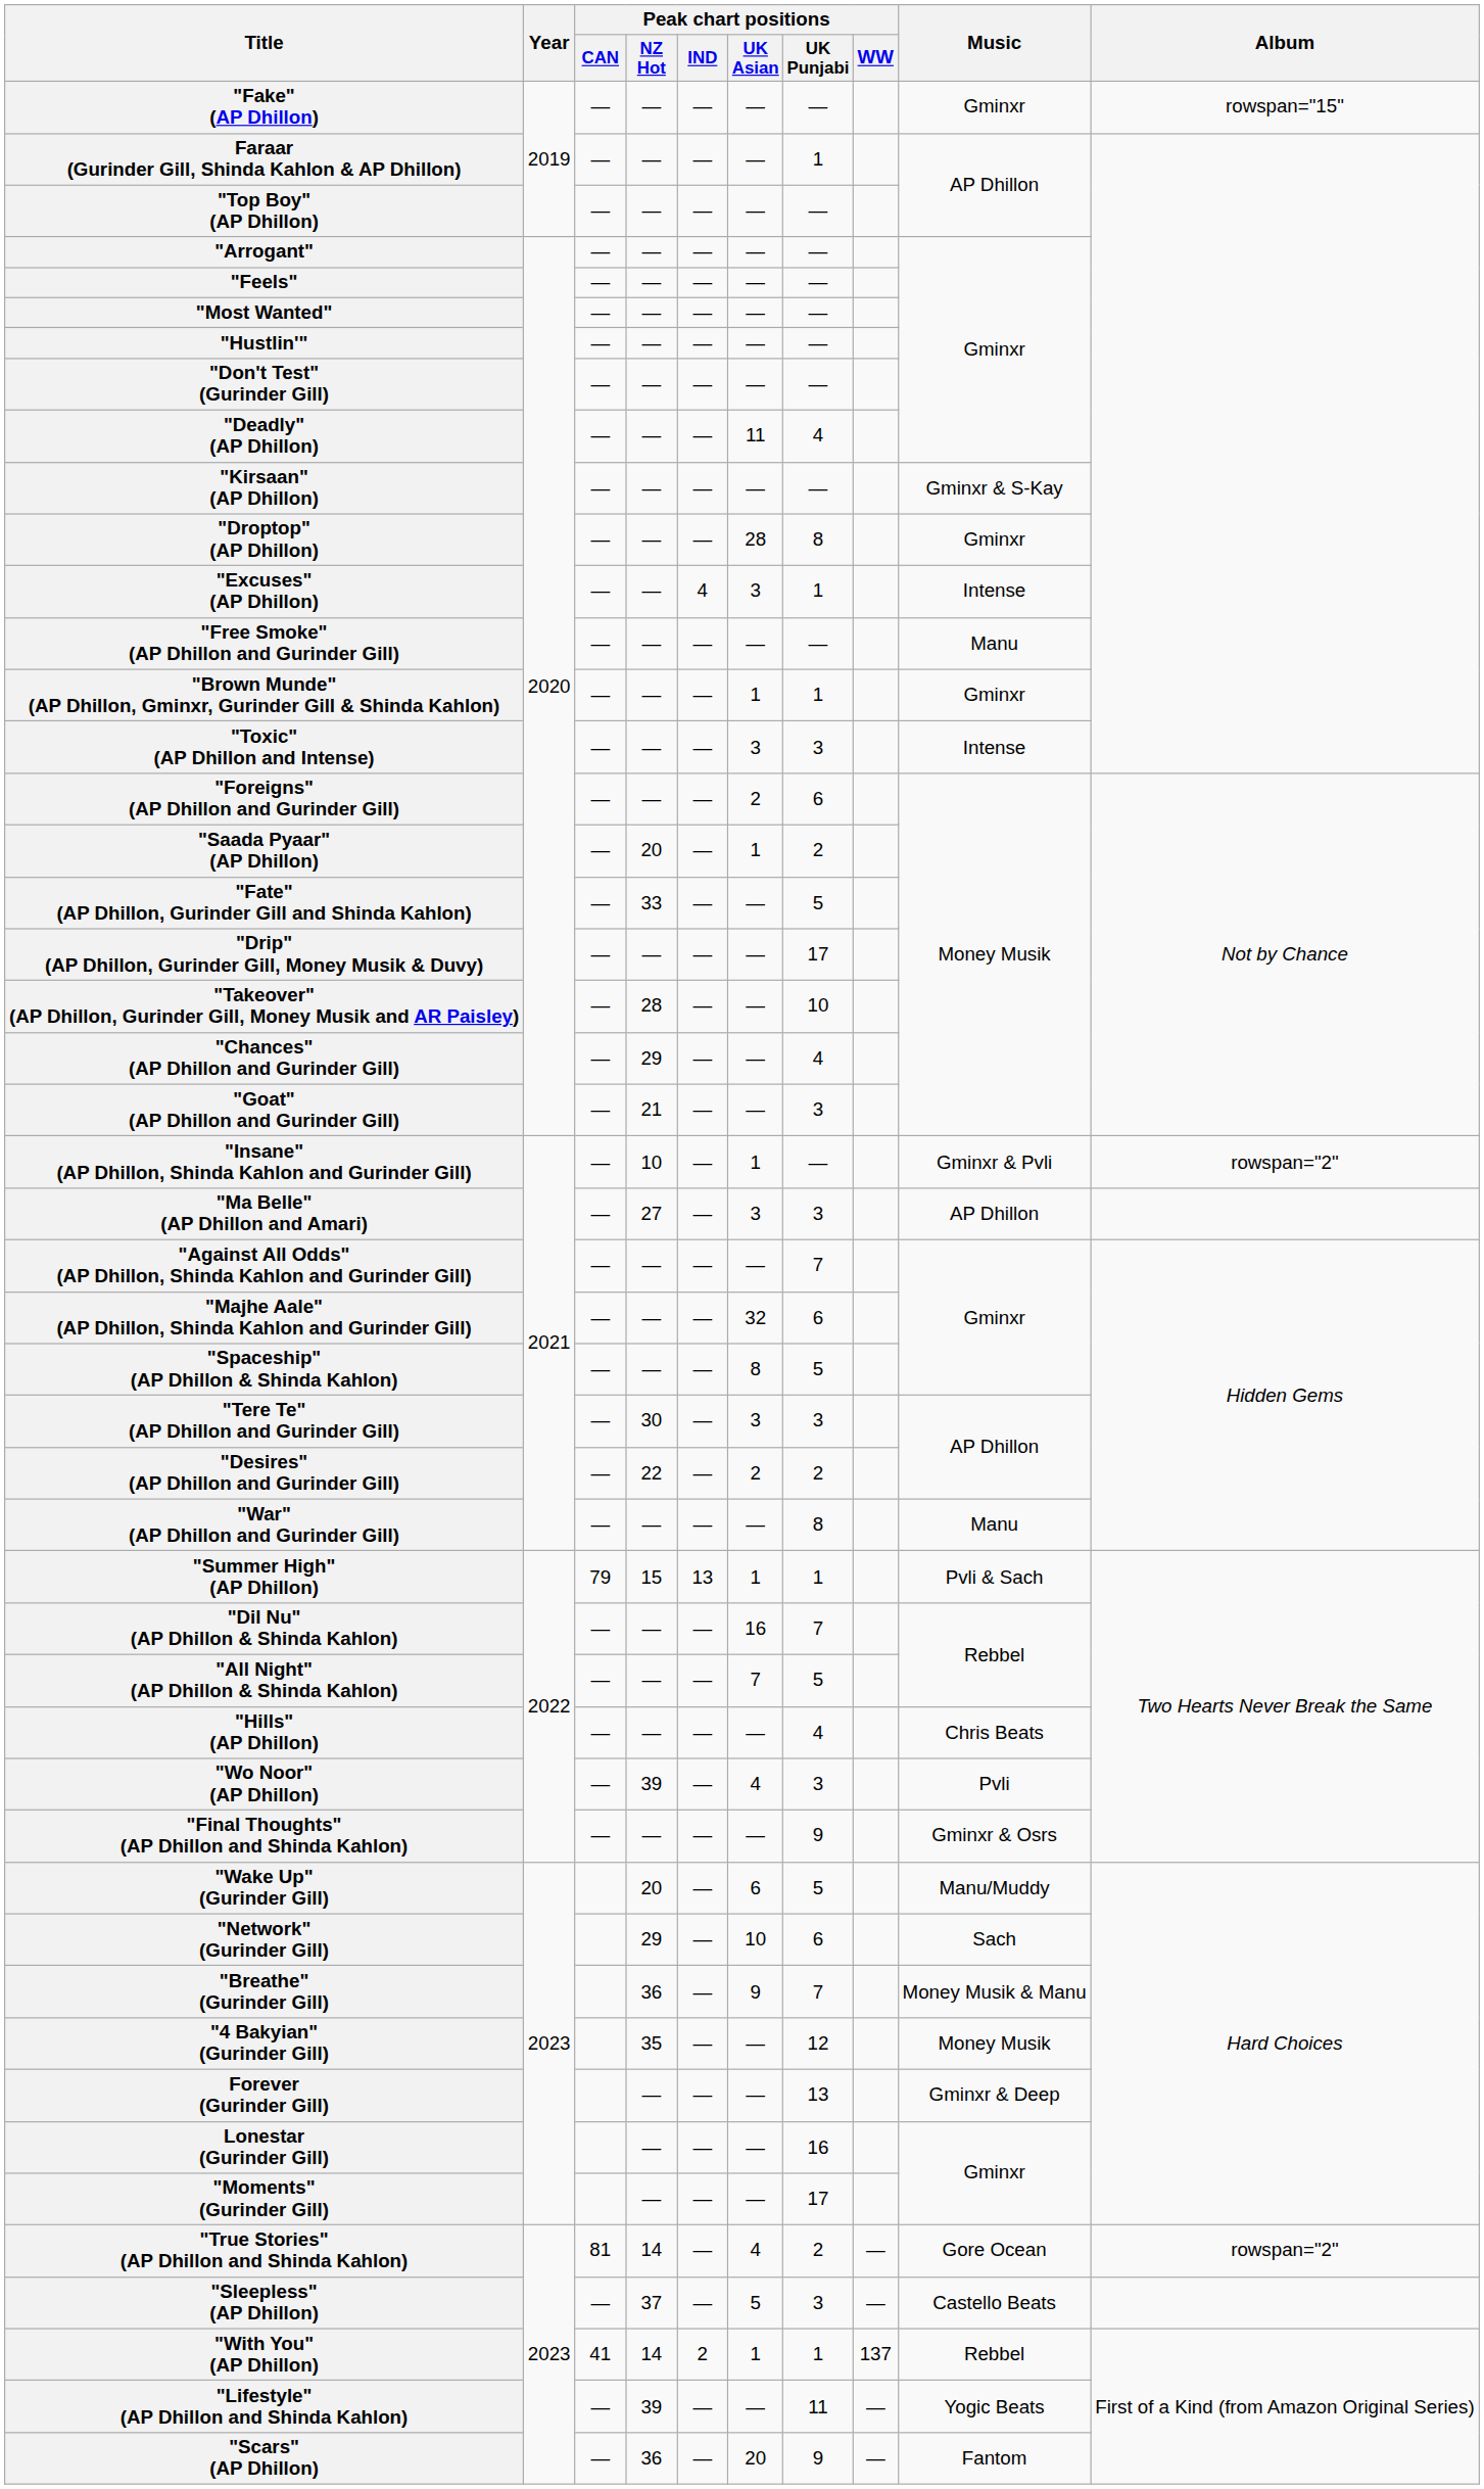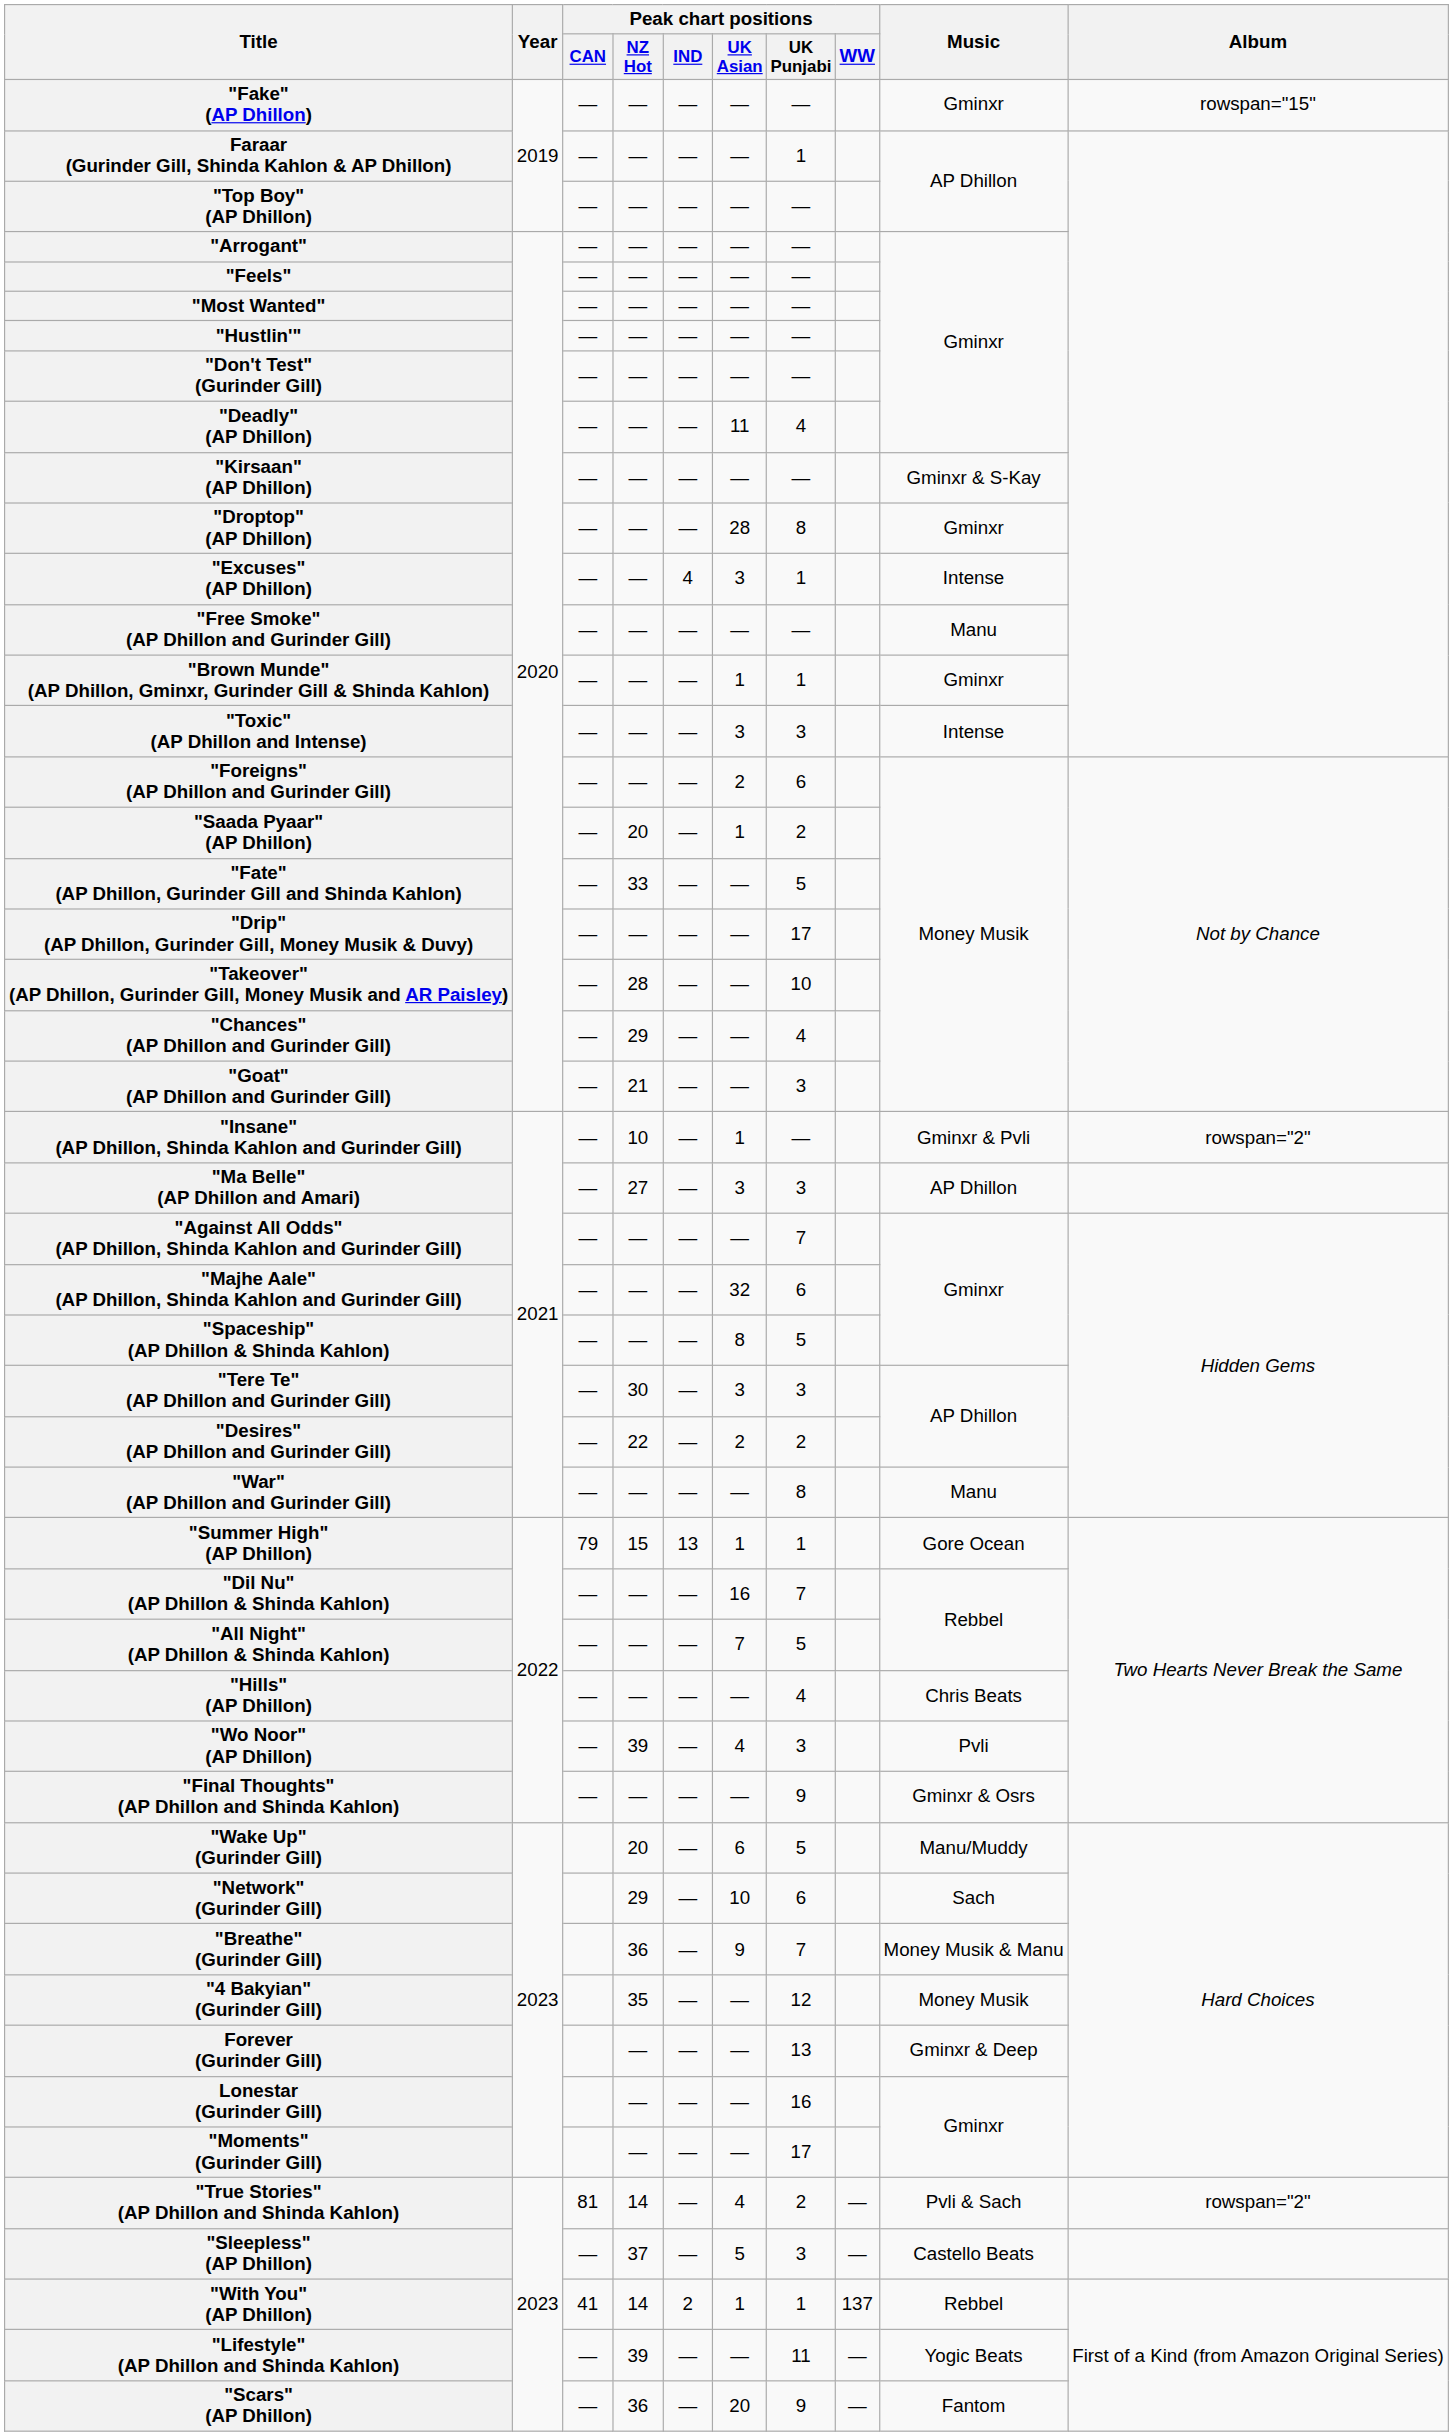 <table class="wikitable plainrowheaders" style="text-align:center;">
 <tr>
 <th scope="col" rowspan="2">Title</th>
 <th scope="col" rowspan="2">Year</th>
 <th colspan="6">Peak chart positions</th>
 <th scope="col" rowspan="2">Music</th>
 <th scope="col" rowspan="2">Album</th>
 </tr>
 <tr>
 <th scope="col" style="width:2.5em;font-size:90%;"><a href='#'>CAN</a><br></th>
 <th scope="col" style="width:2.5em;font-size:90%;"><a href='#'>NZ<br>Hot</a><br></th>
 <th scope="col" style="width:2.5em;font-size:90%;"><a href='#'>IND</a></th>
 <th scope="col" style="width:2.5em;font-size:90%;"><a href='#'>UK<br>Asian</a><br></th>
 <th scope="col" style="width:2.5em;font-size:90%;">UK Punjabi</th>
 <th><a href='#'>WW</a></th>
 </tr>
 <tr>
 <th scope="row">"Fake"<br><span>(<a href='#'>AP Dhillon</a>)</span></th>
 <td rowspan="3">2019</td>
 <td>—</td>
 <td>—</td>
 <td>—</td>
 <td>—</td>
 <td>—</td>
 <td></td>
 <td>Gminxr</td>
 <td>rowspan="15" </td>
 </tr>
 <tr>
 <th scope="row">Faraar<br><span>(Gurinder Gill, Shinda Kahlon & AP Dhillon)</span></th>
 <td>—</td>
 <td>—</td>
 <td>—</td>
 <td>—</td>
 <td>1</td>
 <td></td>
 <td rowspan="2">AP Dhillon</td>
 </tr>
 <tr>
 <th scope="row">"Top Boy"<br><span>(AP Dhillon)</span></th>
 <td>—</td>
 <td>—</td>
 <td>—</td>
 <td>—</td>
 <td>—</td>
 <td></td>
 </tr>
 <tr>
 <th scope="row">"Arrogant"<br></th>
 <td rowspan="19">2020</td>
 <td>—</td>
 <td>—</td>
 <td>—</td>
 <td>—</td>
 <td>—</td>
 <td></td>
 <td rowspan="6">Gminxr</td>
 </tr>
 <tr>
 <th scope="row">"Feels"<br></th>
 <td>—</td>
 <td>—</td>
 <td>—</td>
 <td>—</td>
 <td>—</td>
 <td></td>
 </tr>
 <tr>
 <th scope="row">"Most Wanted"<br></th>
 <td>—</td>
 <td>—</td>
 <td>—</td>
 <td>—</td>
 <td>—</td>
 <td></td>
 </tr>
 <tr>
 <th scope="row">"Hustlin'" <br></th>
 <td>—</td>
 <td>—</td>
 <td>—</td>
 <td>—</td>
 <td>—</td>
 <td></td>
 </tr>
 <tr>
 <th scope="row">"Don't Test"<br><span>(Gurinder Gill)</span></th>
 <td>—</td>
 <td>—</td>
 <td>—</td>
 <td>—</td>
 <td>—</td>
 <td></td>
 </tr>
 <tr>
 <th scope="row">"Deadly"<br><span>(AP Dhillon)</span></th>
 <td>—</td>
 <td>—</td>
 <td>—</td>
 <td>11</td>
 <td>4</td>
 <td></td>
 </tr>
 <tr>
 <th scope="row">"Kirsaan"<br><span>(AP Dhillon)</span></th>
 <td>—</td>
 <td>—</td>
 <td>—</td>
 <td>—</td>
 <td>—</td>
 <td></td>
 <td>Gminxr & S-Kay</td>
 </tr>
 <tr>
 <th scope="row">"Droptop"<br><span>(AP Dhillon)</span></th>
 <td>—</td>
 <td>—</td>
 <td>—</td>
 <td>28</td>
 <td>8</td>
 <td></td>
 <td>Gminxr</td>
 </tr>
 <tr>
 <th scope="row">"Excuses"<br><span>(AP Dhillon)</span> </th>
 <td>—</td>
 <td>—</td>
 <td>4</td>
 <td>3</td>
 <td>1</td>
 <td></td>
 <td>Intense</td>
 </tr>
 <tr>
 <th scope="row">"Free Smoke"<br><span>(AP Dhillon and Gurinder Gill)</span></th>
 <td>—</td>
 <td>—</td>
 <td>—</td>
 <td>—</td>
 <td>—</td>
 <td></td>
 <td>Manu</td>
 </tr>
 <tr>
 <th scope="row">"Brown Munde"<br><span>(AP Dhillon, Gminxr, Gurinder Gill & Shinda Kahlon)</span></th>
 <td>—</td>
 <td>—</td>
 <td>—</td>
 <td>1</td>
 <td>1</td>
 <td></td>
 <td>Gminxr</td>
 </tr>
 <tr>
 <th scope="row">"Toxic"<br><span>(AP Dhillon and Intense)</span></th>
 <td>—</td>
 <td>—</td>
 <td>—</td>
 <td>3</td>
 <td>3</td>
 <td></td>
 <td>Intense</td>
 </tr>
 <tr>
 <th scope="row">"Foreigns"<br><span>(AP Dhillon and Gurinder Gill)</span></th>
 <td>—</td>
 <td>—</td>
 <td>—</td>
 <td>2</td>
 <td>6</td>
 <td></td>
 <td rowspan="7">Money Musik</td>
 <td rowspan="7"><em>Not by Chance</em></td>
 </tr>
 <tr>
 <th scope="row">"Saada Pyaar"<br><span>(AP Dhillon)</span></th>
 <td>—</td>
 <td>20</td>
 <td>—</td>
 <td>1</td>
 <td>2</td>
 <td></td>
 </tr>
 <tr>
 <th scope="row">"Fate"<br><span>(AP Dhillon, Gurinder Gill and Shinda Kahlon)</span></th>
 <td>—</td>
 <td>33</td>
 <td>—</td>
 <td>—</td>
 <td>5</td>
 <td></td>
 </tr>
 <tr>
 <th scope="row">"Drip"<br><span>(AP Dhillon, Gurinder Gill, Money Musik & Duvy)</span></th>
 <td>—</td>
 <td>—</td>
 <td>—</td>
 <td>—</td>
 <td>17</td>
 <td></td>
 </tr>
 <tr>
 <th scope="row">"Takeover"<br><span>(AP Dhillon, Gurinder Gill, Money Musik and <a href='#'>AR Paisley</a>)</span></th>
 <td>—</td>
 <td>28</td>
 <td>—</td>
 <td>—</td>
 <td>10</td>
 <td></td>
 </tr>
 <tr>
 <th scope="row">"Chances"<br><span>(AP Dhillon and Gurinder Gill)</span></th>
 <td>—</td>
 <td>29</td>
 <td>—</td>
 <td>—</td>
 <td>4</td>
 <td></td>
 </tr>
 <tr>
 <th scope="row">"Goat"<br><span>(AP Dhillon and Gurinder Gill)</span></th>
 <td>—</td>
 <td>21</td>
 <td>—</td>
 <td>—</td>
 <td>3</td>
 <td></td>
 </tr>
 <tr>
 <th scope="row">"Insane"<br><span>(AP Dhillon, Shinda Kahlon and Gurinder Gill)</span></th>
 <td rowspan="8">2021</td>
 <td>—</td>
 <td>10</td>
 <td>—</td>
 <td>1</td>
 <td>—</td>
 <td></td>
 <td>Gminxr & Pvli</td>
 <td>rowspan="2"</td>
 </tr>
 <tr>
 <th scope="row">"Ma Belle"<br><span>(AP Dhillon and Amari)</span></th>
 <td>—</td>
 <td>27</td>
 <td>—</td>
 <td>3</td>
 <td>3</td>
 <td></td>
 <td>AP Dhillon</td>
 </tr>
 <tr>
 <th scope="row">"Against All Odds"<br><span>(AP Dhillon, Shinda Kahlon and Gurinder Gill)</span></th>
 <td>—</td>
 <td>—</td>
 <td>—</td>
 <td>—</td>
 <td>7</td>
 <td></td>
 <td rowspan="3">Gminxr</td>
 <td rowspan="6"><em>Hidden Gems</em></td>
 </tr>
 <tr>
 <th scope="row">"Majhe Aale"<br><span>(AP Dhillon, Shinda Kahlon and Gurinder Gill)</span></th>
 <td>—</td>
 <td>—</td>
 <td>—</td>
 <td>32</td>
 <td>6</td>
 <td></td>
 </tr>
 <tr>
 <th scope="row">"Spaceship"  <br><span>(AP Dhillon & Shinda Kahlon)</span></th>
 <td>—</td>
 <td>—</td>
 <td>—</td>
 <td>8</td>
 <td>5</td>
 <td></td>
 </tr>
 <tr>
 <th scope="row">"Tere Te"<br><span>(AP Dhillon and Gurinder Gill)</span></th>
 <td>—</td>
 <td>30</td>
 <td>—</td>
 <td>3</td>
 <td>3</td>
 <td></td>
 <td rowspan="2">AP Dhillon</td>
 </tr>
 <tr>
 <th scope="row">"Desires"<br><span>(AP Dhillon and Gurinder Gill)</span></th>
 <td>—</td>
 <td>22</td>
 <td>—</td>
 <td>2</td>
 <td>2</td>
 <td></td>
 </tr>
 <tr>
 <th scope="row">"War"<br><span>(AP Dhillon and Gurinder Gill)</span></th>
 <td>—</td>
 <td>—</td>
 <td>—</td>
 <td>—</td>
 <td>8</td>
 <td></td>
 <td>Manu</td>
 </tr>
 <tr>
 <th scope="row">"Summer High" <br><span>(AP Dhillon)</span></th>
 <td rowspan="6">2022</td>
 <td>79</td>
 <td>15</td>
 <td>13</td>
 <td>1</td>
 <td>1</td>
 <td></td>
-<td>Pvli & Sach</td>
+<td>Gore Ocean</td>
 <td rowspan="6"><em>Two Hearts Never Break the Same</em></td>
 </tr>
 <tr>
 <th scope="row">"Dil Nu"  <br><span>(AP Dhillon & Shinda Kahlon)</span></th>
 <td>—</td>
 <td>—</td>
 <td>—</td>
 <td>16</td>
 <td>7</td>
 <td></td>
 <td rowspan="2">Rebbel</td>
 </tr>
 <tr>
 <th scope="row">"All Night"  <br><span>(AP Dhillon & Shinda Kahlon)</span></th>
 <td>—</td>
 <td>—</td>
 <td>—</td>
 <td>7</td>
 <td>5</td>
 <td></td>
 </tr>
 <tr>
 <th scope="row">"Hills" <br><span>(AP Dhillon)</span></th>
 <td>—</td>
 <td>—</td>
 <td>—</td>
 <td>—</td>
 <td>4</td>
 <td></td>
 <td>Chris Beats</td>
 </tr>
 <tr>
 <th scope="row">"Wo Noor" <br><span>(AP Dhillon)</span></th>
 <td>—</td>
 <td>39</td>
 <td>—</td>
 <td>4</td>
 <td>3</td>
 <td></td>
 <td>Pvli</td>
 </tr>
 <tr>
 <th scope="row">"Final Thoughts" <br><span>(AP Dhillon and Shinda Kahlon)</span></th>
 <td>—</td>
 <td>—</td>
 <td>—</td>
 <td>—</td>
 <td>9</td>
 <td></td>
 <td>Gminxr & Osrs</td>
 </tr>
 <tr>
 <th scope="row">"Wake Up"<br><span>(Gurinder Gill)</span></th>
 <td rowspan="7">2023</td>
 <td></td>
 <td>20</td>
 <td>—</td>
 <td>6</td>
 <td>5</td>
 <td></td>
 <td>Manu/Muddy</td>
 <td rowspan="7"><em>Hard Choices</em></td>
 </tr>
 <tr>
 <th scope="row">"Network"<br><span>(Gurinder Gill)</span></th>
 <td></td>
 <td>29</td>
 <td>—</td>
 <td>10</td>
 <td>6</td>
 <td></td>
 <td>Sach</td>
 </tr>
 <tr>
 <th scope="row">"Breathe"<br><span>(Gurinder Gill)</span></th>
 <td></td>
 <td>36</td>
 <td>—</td>
 <td>9</td>
 <td>7</td>
 <td></td>
 <td>Money Musik & Manu</td>
 </tr>
 <tr>
 <th scope="row">"4 Bakyian"<br><span>(Gurinder Gill)</span></th>
 <td></td>
 <td>35</td>
 <td>—</td>
 <td>—</td>
 <td>12</td>
 <td></td>
 <td>Money Musik</td>
 </tr>
 <tr>
 <th scope="row">Forever<br><span>(Gurinder Gill)</span></th>
 <td></td>
 <td>—</td>
 <td>—</td>
 <td>—</td>
 <td>13</td>
 <td></td>
 <td>Gminxr & Deep</td>
 </tr>
 <tr>
 <th scope="row">Lonestar<br><span>(Gurinder Gill)</span></th>
 <td></td>
 <td>—</td>
 <td>—</td>
 <td>—</td>
 <td>16</td>
 <td></td>
 <td rowspan="2">Gminxr</td>
 </tr>
 <tr>
 <th scope="row">"Moments"<br><span>(Gurinder Gill)</span></th>
 <td></td>
 <td>—</td>
 <td>—</td>
 <td>—</td>
 <td>17</td>
 <td></td>
 </tr>
 <tr>
 <th scope="row">"True Stories"<br><span>(AP Dhillon and Shinda Kahlon)</span></th>
 <td rowspan="5">2023</td>
 <td>81</td>
 <td>14</td>
 <td>—</td>
 <td>4</td>
 <td>2</td>
 <td>—</td>
-<td>Gore Ocean</td>
+<td>Pvli & Sach</td>
 <td>rowspan="2" </td>
 </tr>
 <tr>
 <th scope="row">"Sleepless" <br><span>(AP Dhillon)</span></th>
 <td>—</td>
 <td>37</td>
 <td>—</td>
 <td>5</td>
 <td>3</td>
 <td>—</td>
 <td>Castello Beats</td>
 </tr>
 <tr>
 <th scope="row">"With You" <br><span>(AP Dhillon)</span></th>
 <td>41</td>
 <td>14</td>
 <td>2</td>
 <td>1</td>
 <td>1</td>
 <td>137</td>
 <td>Rebbel</td>
 <td rowspan="3">First of a Kind (from Amazon Original Series)</td>
 </tr>
 <tr>
 <th scope="row">"Lifestyle" <br><span>(AP Dhillon and Shinda Kahlon)</span></th>
 <td>—</td>
 <td>39</td>
 <td>—</td>
 <td>—</td>
 <td>11</td>
 <td>—</td>
 <td>Yogic Beats</td>
 </tr>
 <tr>
 <th scope="row">"Scars" <br><span>(AP Dhillon)</span></th>
 <td>—</td>
 <td>36</td>
 <td>—</td>
 <td>20</td>
 <td>9</td>
 <td>—</td>
 <td>Fantom</td>
 </tr>
 </table>
